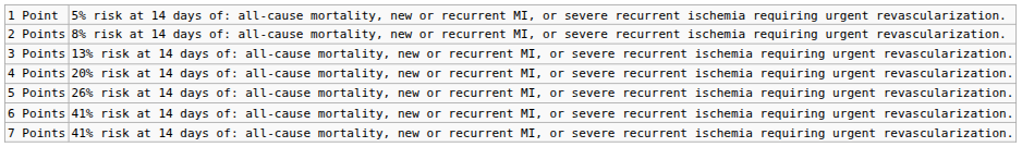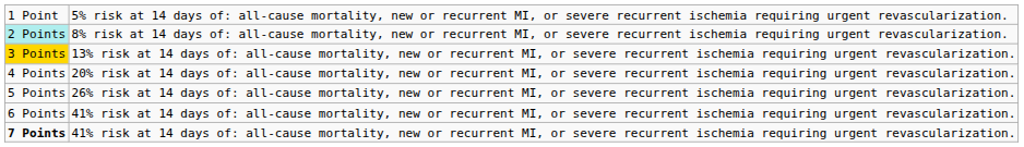 <table class="wikitable">
 <tr>
 <td>1 Point</td>
 <td>5% risk at 14 days of: all-cause mortality, new or recurrent MI, or severe recurrent ischemia requiring urgent revascularization.</td>
 </tr>
 <tr>
-<td>2 Points</td>
+<td style="background: paleturquoise;">2 Points</td>
 <td>8% risk at 14 days of: all-cause mortality, new or recurrent MI, or severe recurrent ischemia requiring urgent revascularization.</td>
 </tr>
 <tr>
-<td>3 Points</td>
+<td style="background: gold;">3 Points</td>
 <td>13% risk at 14 days of: all-cause mortality, new or recurrent MI, or severe recurrent ischemia requiring urgent revascularization.</td>
 </tr>
 <tr>
 <td>4 Points</td>
 <td>20% risk at 14 days of: all-cause mortality, new or recurrent MI, or severe recurrent ischemia requiring urgent revascularization.</td>
 </tr>
 <tr>
 <td>5 Points</td>
 <td>26% risk at 14 days of: all-cause mortality, new or recurrent MI, or severe recurrent ischemia requiring urgent revascularization.</td>
 </tr>
 <tr>
 <td>6 Points</td>
 <td>41% risk at 14 days of: all-cause mortality, new or recurrent MI, or severe recurrent ischemia requiring urgent revascularization.</td>
 </tr>
 <tr>
-<td>7 Points</td>
+<td><strong>7 Points</strong></td>
 <td>41% risk at 14 days of: all-cause mortality, new or recurrent MI, or severe recurrent ischemia requiring urgent revascularization.</td>
 </tr>
 </table>
